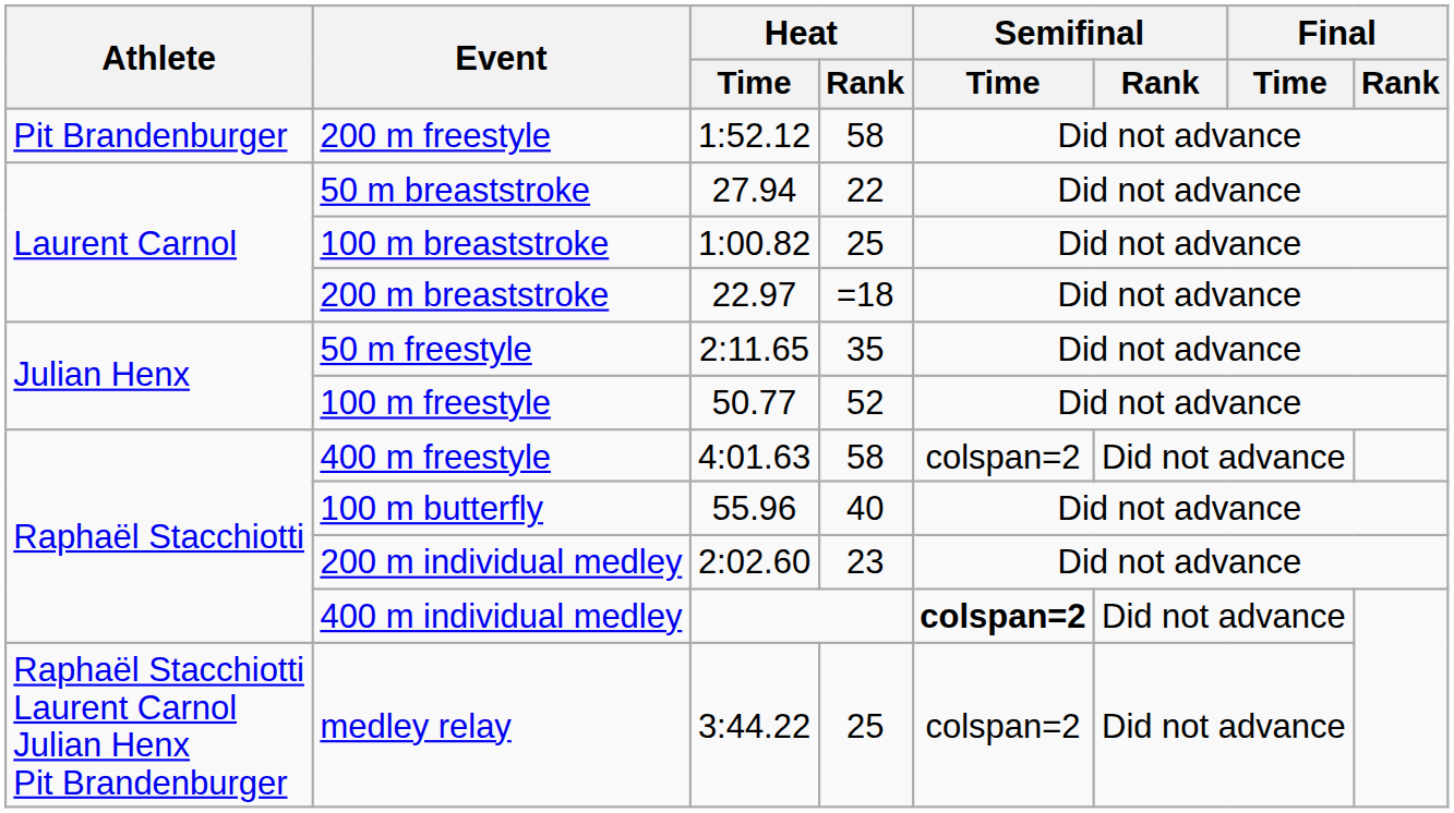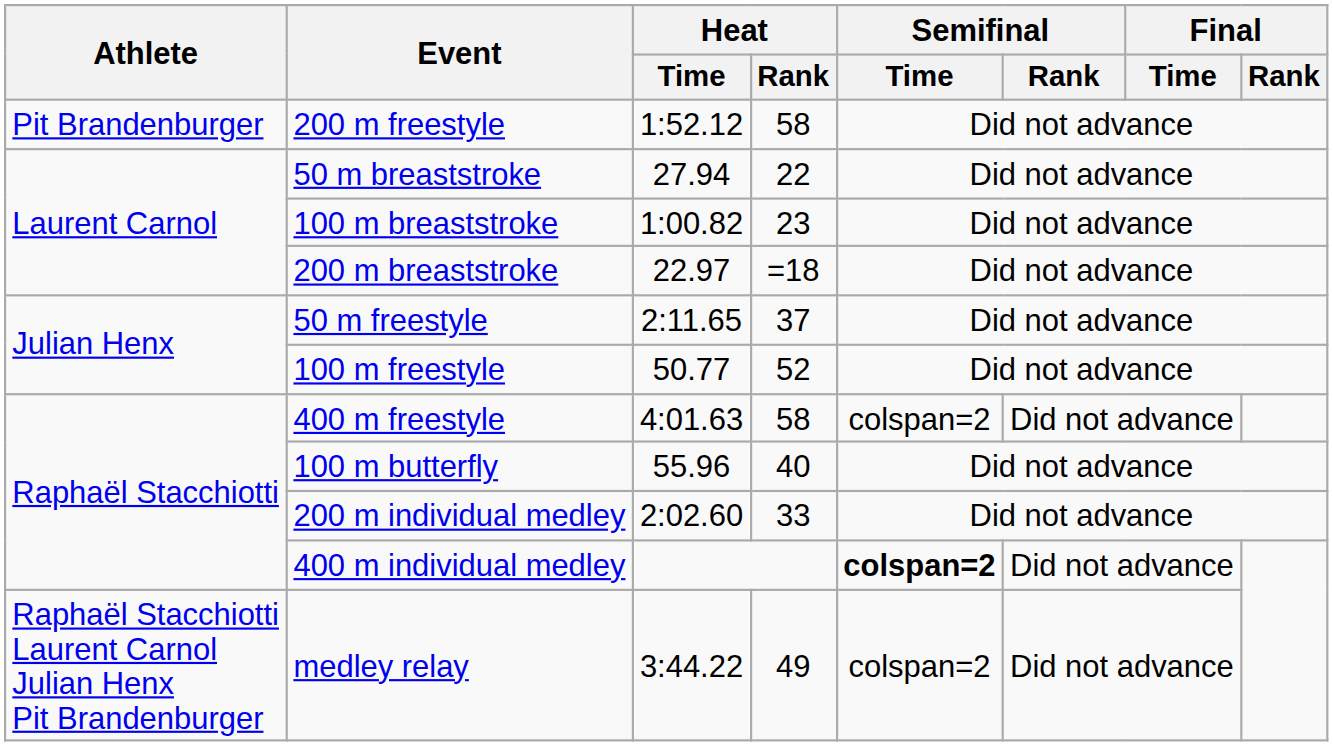 <table class=wikitable style="font-size:90%">
 <tr>
 <th rowspan=2>Athlete</th>
 <th rowspan=2>Event</th>
 <th colspan="2">Heat</th>
 <th colspan="2">Semifinal</th>
 <th colspan="2">Final</th>
 </tr>
 <tr style="font-size:95%">
 <th>Time</th>
 <th>Rank</th>
 <th>Time</th>
 <th>Rank</th>
 <th>Time</th>
 <th>Rank</th>
 </tr>
 <tr align=center>
 <td align=left><a href='#'>Pit Brandenburger</a></td>
 <td align=left><a href='#'>200 m freestyle</a></td>
 <td>1:52.12</td>
 <td>58</td>
 <td colspan=4>Did not advance</td>
 </tr>
 <tr align=center>
 <td align=left rowspan=3><a href='#'>Laurent Carnol</a></td>
 <td align=left><a href='#'>50 m breaststroke</a></td>
 <td>27.94</td>
 <td>22</td>
 <td colspan=4>Did not advance</td>
 </tr>
 <tr align=center>
 <td align=left><a href='#'>100 m breaststroke</a></td>
 <td>1:00.82</td>
-<td>25</td>
+<td>23</td>
 <td colspan=4>Did not advance</td>
 </tr>
 <tr align=center>
 <td align=left><a href='#'>200 m breaststroke</a></td>
 <td>22.97</td>
 <td>=18</td>
 <td colspan=4>Did not advance</td>
 </tr>
 <tr align=center>
 <td align=left rowspan=2><a href='#'>Julian Henx</a></td>
 <td align=left><a href='#'>50 m freestyle</a></td>
 <td>2:11.65</td>
-<td>35</td>
+<td>37</td>
 <td colspan=4>Did not advance</td>
 </tr>
 <tr align=center>
 <td align=left><a href='#'>100 m freestyle</a></td>
 <td>50.77</td>
 <td>52</td>
 <td colspan=4>Did not advance</td>
 </tr>
 <tr align=center>
 <td align=left rowspan=4><a href='#'>Raphaël Stacchiotti</a></td>
 <td align=left><a href='#'>400 m freestyle</a></td>
 <td>4:01.63</td>
 <td>58</td>
 <td>colspan=2 </td>
 <td colspan=2>Did not advance</td>
 </tr>
 <tr align=center>
 <td align=left><a href='#'>100 m butterfly</a></td>
 <td>55.96</td>
 <td>40</td>
 <td colspan=4>Did not advance</td>
 </tr>
 <tr align=center>
 <td align=left><a href='#'>200 m individual medley</a></td>
 <td>2:02.60</td>
-<td>23</td>
+<td>33</td>
 <td colspan=4>Did not advance</td>
 </tr>
 <tr align=center>
 <td align=left><a href='#'>400 m individual medley</a></td>
 <td colspan=2></td>
 <td><strong>colspan=2 </strong></td>
 <td colspan=2>Did not advance</td>
 </tr>
 <tr align=center>
 <td align=left><a href='#'>Raphaël Stacchiotti</a><br><a href='#'>Laurent Carnol</a><br><a href='#'>Julian Henx</a><br><a href='#'>Pit Brandenburger</a></td>
 <td align=left><a href='#'> medley relay</a></td>
 <td>3:44.22</td>
-<td>25</td>
+<td>49</td>
 <td>colspan=2 </td>
 <td colspan=2>Did not advance</td>
 </tr>
 </table>
